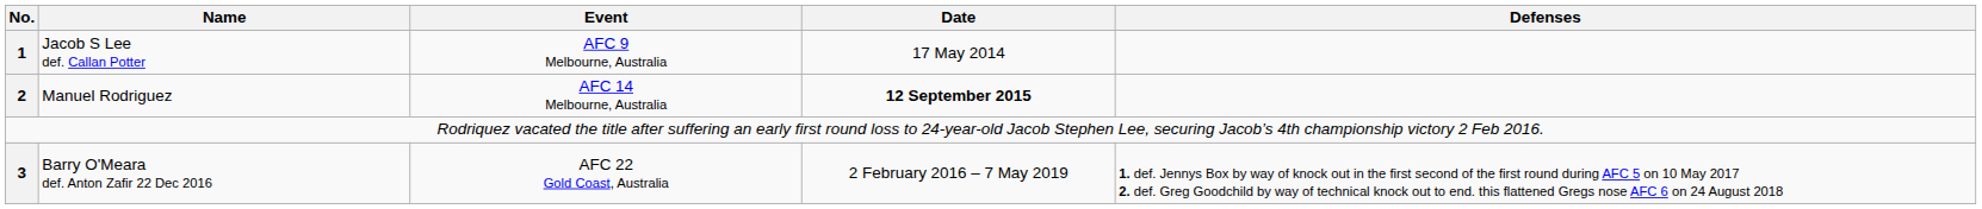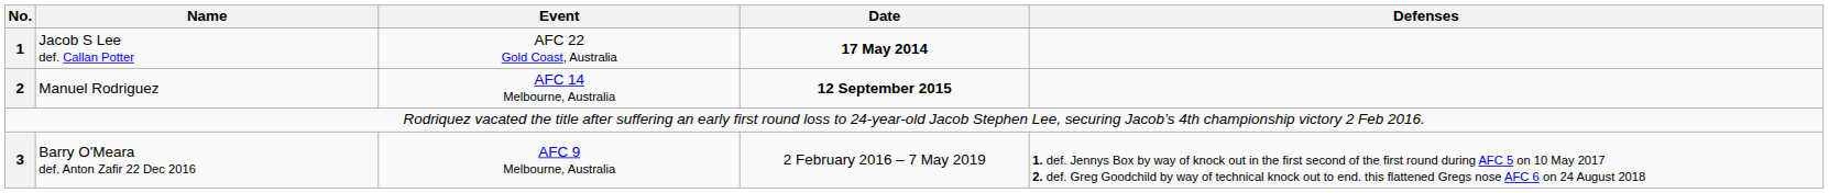 <table class="wikitable">
 <tr>
 <th width=1%>No.</th>
 <th width=19%>Name</th>
 <th width=20%>Event</th>
 <th width=16%>Date</th>
 <th width=44%>Defenses</th>
 </tr>
 <tr>
 <th>1</th>
 <td align=left> Jacob S Lee<br><small>def. <a href='#'>Callan Potter</a></small></td>
-<td align=center><a href='#'>AFC 9</a><br><small>Melbourne, Australia</small></td>
-<td align=center>17 May 2014</td>
+<td align=center>AFC 22<br><small><a href='#'>Gold Coast</a>, Australia</small></td>
+<td align=center><strong>17 May 2014</strong></td>
 <td></td>
 </tr>
 <tr>
 <th>2</th>
 <td align=left> Manuel Rodriguez</td>
 <td align=center><a href='#'>AFC 14</a><br><small>Melbourne, Australia</small></td>
 <td align=center><strong>12 September 2015</strong></td>
 <td></td>
 </tr>
 <tr>
 <td align="center" colspan="5"><em>Rodriquez vacated the title after suffering an early first round loss to 24-year-old Jacob Stephen Lee, securing Jacob’s 4th championship victory 2 Feb 2016.</em></td>
 </tr>
 <tr>
 <th>3</th>
 <td align=left> Barry O'Meara<br><small>def. Anton Zafir 22 Dec 2016</small></td>
-<td align=center>AFC 22<br><small><a href='#'>Gold Coast</a>, Australia</small></td>
+<td align=center><a href='#'>AFC 9</a><br><small>Melbourne, Australia</small></td>
 <td align=center>2 February 2016 – 7 May 2019</td>
 <td><br><small><strong>1.</strong> def. Jennys Box by way of knock out in the first second of the first round during <a href='#'>AFC 5</a> on 10 May 2017<br> <strong>2.</strong> def. Greg Goodchild by way of technical knock out to end. this flattened Gregs nose <a href='#'>AFC 6</a> on 24 August 2018</small></td>
 </tr>
 </table>
